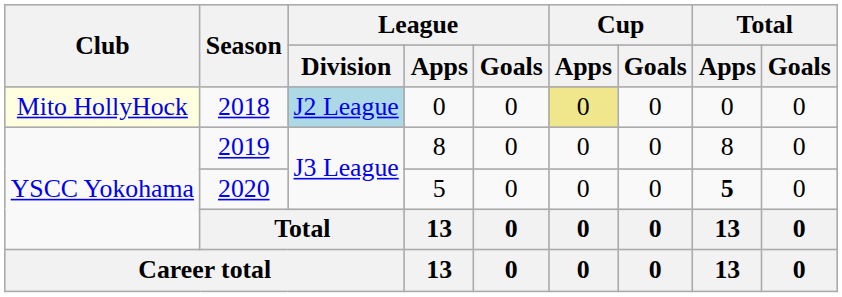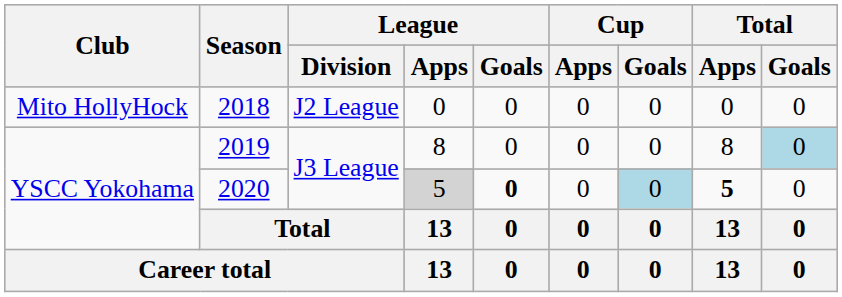 <table class="wikitable" style="text-align: center">
 <tr>
 <th rowspan="2">Club</th>
 <th rowspan="2">Season</th>
 <th colspan="3">League</th>
 <th colspan="2">Cup</th>
 <th colspan="2">Total</th>
 </tr>
 <tr>
 <th>Division</th>
 <th>Apps</th>
 <th>Goals</th>
 <th>Apps</th>
 <th>Goals</th>
 <th>Apps</th>
 <th>Goals</th>
 </tr>
 <tr>
-<td style="background: lightyellow;"><a href='#'>Mito HollyHock</a></td>
+<td><a href='#'>Mito HollyHock</a></td>
 <td><a href='#'>2018</a></td>
-<td style="background: lightblue;"><a href='#'>J2 League</a></td>
+<td><a href='#'>J2 League</a></td>
 <td>0</td>
 <td>0</td>
-<td style="background: khaki;">0</td>
+<td>0</td>
 <td>0</td>
 <td>0</td>
 <td>0</td>
 </tr>
 <tr>
 <td rowspan="3"><a href='#'>YSCC Yokohama</a></td>
 <td><a href='#'>2019</a></td>
 <td rowspan="2"><a href='#'>J3 League</a></td>
 <td>8</td>
 <td>0</td>
 <td>0</td>
 <td>0</td>
 <td>8</td>
-<td>0</td>
+<td style="background: lightblue;">0</td>
 </tr>
 <tr>
 <td><a href='#'>2020</a></td>
-<td>5</td>
+<td style="background: lightgrey;">5</td>
+<td><strong>0</strong></td>
 <td>0</td>
-<td>0</td>
-<td>0</td>
+<td style="background: lightblue;">0</td>
 <td><strong>5</strong></td>
 <td>0</td>
 </tr>
 <tr>
 <th colspan=2>Total</th>
 <th>13</th>
 <th>0</th>
 <th>0</th>
 <th>0</th>
 <th>13</th>
 <th>0</th>
 </tr>
 <tr>
 <th colspan=3>Career total</th>
 <th>13</th>
 <th>0</th>
 <th>0</th>
 <th>0</th>
 <th>13</th>
 <th>0</th>
 </tr>
 </table>
